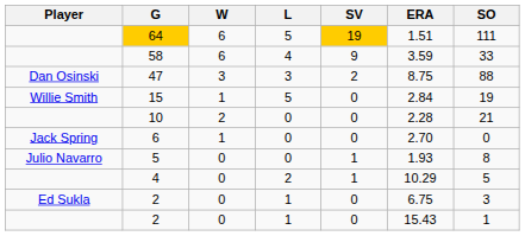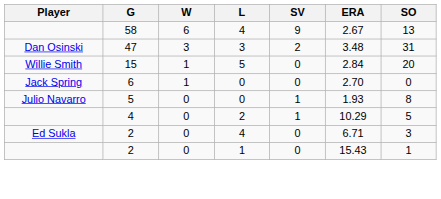 <table class="wikitable sortable">
 <tr>
 <th bgcolor="#DDDDFF" width="16%">Player</th>
 <th bgcolor="#DDDDFF" width="9%">G</th>
 <th bgcolor="#DDDDFF" width="9%">W</th>
 <th bgcolor="#DDDDFF" width="9%">L</th>
 <th bgcolor="#DDDDFF" width="9%">SV</th>
 <th bgcolor="#DDDDFF" width="9%">ERA</th>
 <th bgcolor="#DDDDFF" width="9%">SO</th>
 </tr>
 <tr align="center">
 <td></td>
-<td style="background:#fc0;">64</td>
-<td>6</td>
-<td>5</td>
-<td style="background:#fc0;">19</td>
-<td>1.51</td>
-<td>111</td>
-</tr>
-<tr align="center">
-<td></td>
 <td>58</td>
 <td>6</td>
 <td>4</td>
 <td>9</td>
-<td>3.59</td>
-<td>33</td>
+<td>2.67</td>
+<td>13</td>
 </tr>
 <tr align="center">
 <td><a href='#'>Dan Osinski</a></td>
 <td>47</td>
 <td>3</td>
 <td>3</td>
 <td>2</td>
-<td>8.75</td>
-<td>88</td>
+<td>3.48</td>
+<td>31</td>
 </tr>
 <tr align=center>
 <td><a href='#'>Willie Smith</a></td>
 <td>15</td>
 <td>1</td>
 <td>5</td>
 <td>0</td>
 <td>2.84</td>
-<td>19</td>
-</tr>
-<tr align=center>
-<td></td>
-<td>10</td>
-<td>2</td>
-<td>0</td>
-<td>0</td>
-<td>2.28</td>
-<td>21</td>
+<td>20</td>
 </tr>
 <tr align="center">
 <td><a href='#'>Jack Spring</a></td>
 <td>6</td>
 <td>1</td>
 <td>0</td>
 <td>0</td>
 <td>2.70</td>
 <td>0</td>
 </tr>
 <tr align=center>
 <td><a href='#'>Julio Navarro</a></td>
 <td>5</td>
 <td>0</td>
 <td>0</td>
 <td>1</td>
 <td>1.93</td>
 <td>8</td>
 </tr>
 <tr align=center>
 <td></td>
 <td>4</td>
 <td>0</td>
 <td>2</td>
 <td>1</td>
 <td>10.29</td>
 <td>5</td>
 </tr>
 <tr align="center">
 <td><a href='#'>Ed Sukla</a></td>
 <td>2</td>
 <td>0</td>
-<td>1</td>
+<td>4</td>
 <td>0</td>
-<td>6.75</td>
+<td>6.71</td>
 <td>3</td>
 </tr>
 <tr align=center>
 <td></td>
 <td>2</td>
 <td>0</td>
 <td>1</td>
 <td>0</td>
 <td>15.43</td>
 <td>1</td>
 </tr>
 </table>
